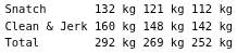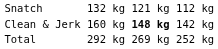 <table>
 <tr>
 <td>Snatch</td>
 <td></td>
 <td>132 kg</td>
 <td></td>
 <td>121 kg</td>
 <td></td>
 <td>112 kg</td>
 </tr>
 <tr>
 <td>Clean & Jerk</td>
 <td></td>
 <td>160 kg</td>
 <td></td>
-<td>148 kg</td>
+<td><strong>148 kg</strong></td>
 <td></td>
 <td>142 kg</td>
 </tr>
 <tr>
 <td>Total</td>
 <td></td>
 <td>292 kg</td>
 <td></td>
 <td>269 kg</td>
 <td></td>
 <td>252 kg</td>
 </tr>
 </table>
